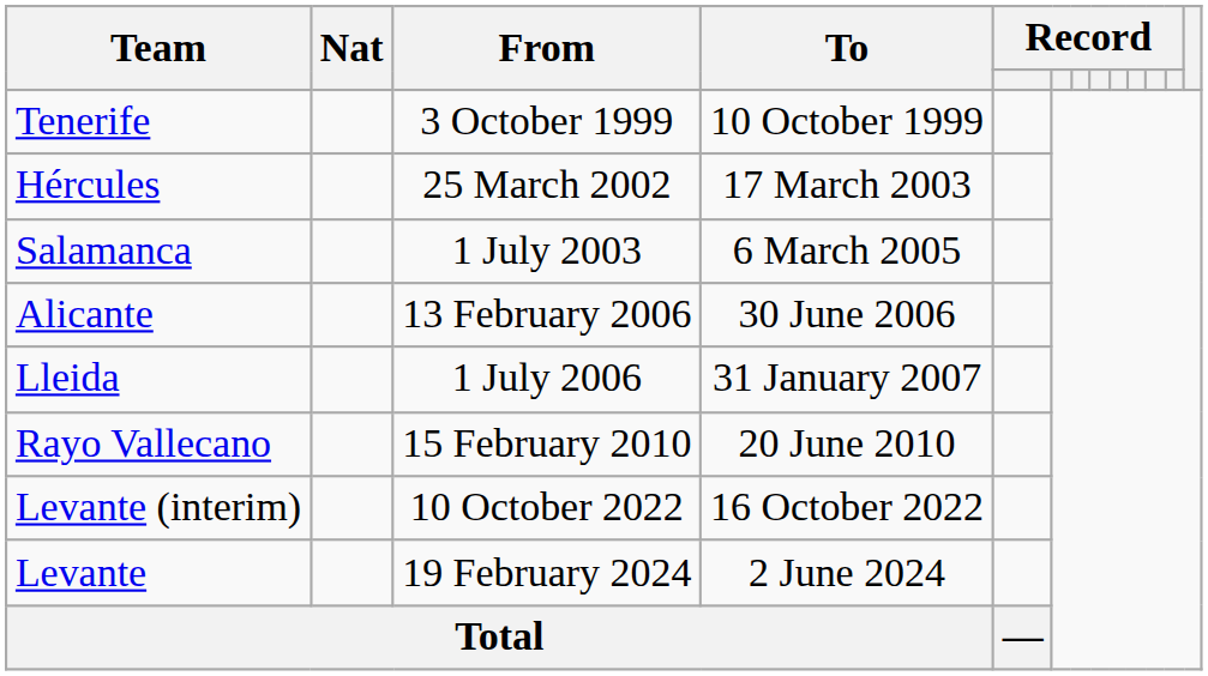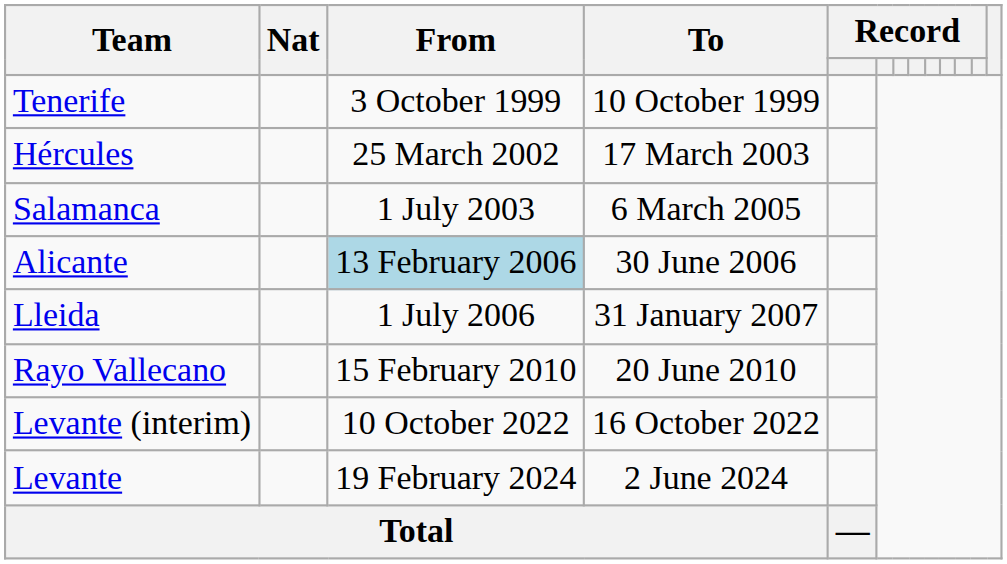 <table class="wikitable" style="text-align: center">
 <tr>
 <th rowspan="2">Team</th>
 <th rowspan="2">Nat</th>
 <th rowspan="2">From</th>
 <th rowspan="2">To</th>
 <th colspan="8">Record</th>
 <th rowspan=2></th>
 </tr>
 <tr>
 <th></th>
 <th></th>
 <th></th>
 <th></th>
 <th></th>
 <th></th>
 <th></th>
 <th></th>
 </tr>
 <tr>
 <td align="left"><a href='#'>Tenerife</a></td>
 <td align="center"></td>
 <td align="center">3 October 1999</td>
 <td align="center">10 October 1999<br></td>
 <td></td>
 </tr>
 <tr>
 <td align="left"><a href='#'>Hércules</a></td>
 <td align="center"></td>
 <td align="center">25 March 2002</td>
 <td align="center">17 March 2003<br></td>
 <td></td>
 </tr>
 <tr>
 <td align="left"><a href='#'>Salamanca</a></td>
 <td align="center"></td>
 <td align="center">1 July 2003</td>
 <td align="center">6 March 2005<br></td>
 <td></td>
 </tr>
 <tr>
 <td align="left"><a href='#'>Alicante</a></td>
 <td align="center"></td>
-<td align="center">13 February 2006</td>
+<td align="center" style="background: lightblue;">13 February 2006</td>
 <td align="center">30 June 2006<br></td>
 <td></td>
 </tr>
 <tr>
 <td align="left"><a href='#'>Lleida</a></td>
 <td align="center"></td>
 <td align="center">1 July 2006</td>
 <td align="center">31 January 2007<br></td>
 <td></td>
 </tr>
 <tr>
 <td align="left"><a href='#'>Rayo Vallecano</a></td>
 <td align="center"></td>
 <td align="center">15 February 2010</td>
 <td align="center">20 June 2010<br></td>
 <td></td>
 </tr>
 <tr>
 <td align="left"><a href='#'>Levante</a> (interim)</td>
 <td align="center"></td>
 <td align="center">10 October 2022</td>
 <td align="center">16 October 2022<br></td>
 <td></td>
 </tr>
 <tr>
 <td align="left"><a href='#'>Levante</a></td>
 <td align="center"></td>
 <td align="center">19 February 2024</td>
 <td align="center">2 June 2024<br></td>
 <td></td>
 </tr>
 <tr>
 <th colspan="4">Total<br></th>
 <th>—</th>
 </tr>
 </table>
